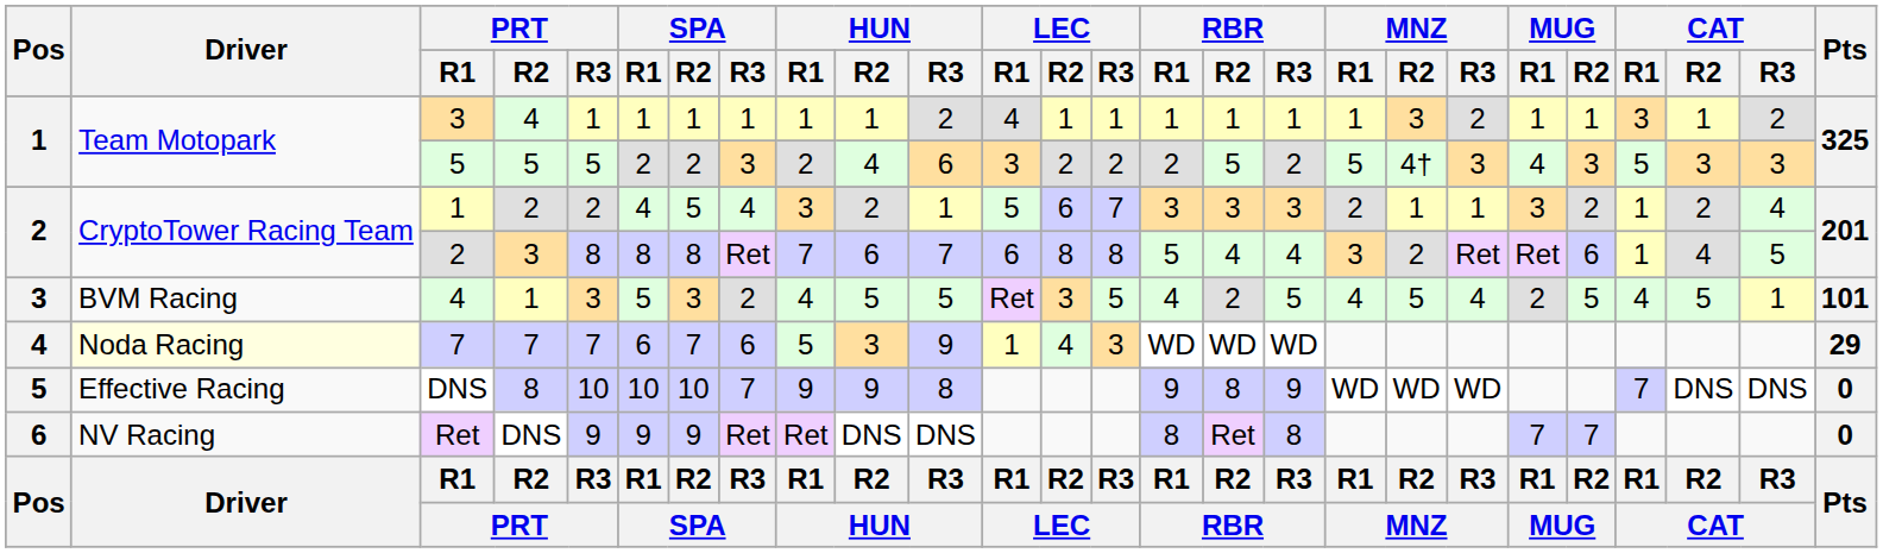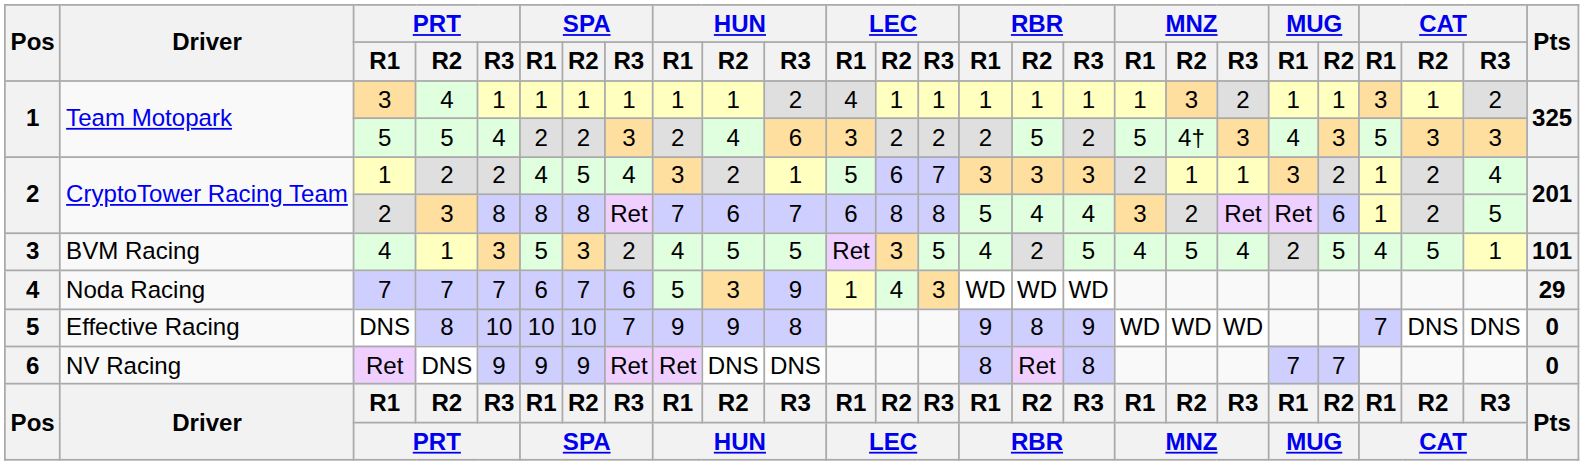 <table class="wikitable" style="font-size: 85%; text-align:center">
 <tr>
 <th rowspan="2" valign="middle">Pos</th>
 <th rowspan="2" valign="middle">Driver</th>
 <th colspan="3"><a href='#'>PRT</a><br></th>
 <th colspan="3"><a href='#'>SPA</a><br></th>
 <th colspan="3"><a href='#'>HUN</a><br></th>
 <th colspan="3"><a href='#'>LEC</a><br></th>
 <th colspan="3"><a href='#'>RBR</a><br></th>
 <th colspan="3"><a href='#'>MNZ</a><br></th>
 <th colspan="2"><a href='#'>MUG</a><br></th>
 <th colspan="3"><a href='#'>CAT</a><br></th>
 <th rowspan="2" valign="middle">Pts</th>
 </tr>
 <tr>
 <th>R1</th>
 <th>R2</th>
 <th>R3</th>
 <th>R1</th>
 <th>R2</th>
 <th>R3</th>
 <th>R1</th>
 <th>R2</th>
 <th>R3</th>
 <th>R1</th>
 <th>R2</th>
 <th>R3</th>
 <th>R1</th>
 <th>R2</th>
 <th>R3</th>
 <th>R1</th>
 <th>R2</th>
 <th>R3</th>
 <th>R1</th>
 <th>R2</th>
 <th>R1</th>
 <th>R2</th>
 <th>R3</th>
 </tr>
 <tr>
 <th rowspan="2">1</th>
 <td rowspan="2" align="left"> <a href='#'>Team Motopark</a></td>
 <td style="background:#ffdf9f;">3</td>
 <td style="background:#dfffdf;">4</td>
 <td style="background:#ffffbf;">1</td>
 <td style="background:#ffffbf;">1</td>
 <td style="background:#ffffbf;">1</td>
 <td style="background:#ffffbf;">1</td>
 <td style="background:#ffffbf;">1</td>
 <td style="background:#ffffbf;">1</td>
 <td style="background:#DFDFDF;">2</td>
 <td style="background:#DFDFDF;">4</td>
 <td style="background:#ffffbf;">1</td>
 <td style="background:#ffffbf;">1</td>
 <td style="background:#ffffbf;">1</td>
 <td style="background:#ffffbf;">1</td>
 <td style="background:#ffffbf;">1</td>
 <td style="background:#ffffbf;">1</td>
 <td style="background:#ffdf9f;">3</td>
 <td style="background:#DFDFDF;">2</td>
 <td style="background:#ffffbf;">1</td>
 <td style="background:#ffffbf;">1</td>
 <td style="background:#ffdf9f;">3</td>
 <td style="background:#ffffbf;">1</td>
 <td style="background:#DFDFDF;">2</td>
 <th rowspan="2">325</th>
 </tr>
 <tr>
 <td style="background:#dfffdf;">5</td>
 <td style="background:#dfffdf;">5</td>
-<td style="background:#dfffdf;">5</td>
+<td style="background:#dfffdf;">4</td>
 <td style="background:#DFDFDF;">2</td>
 <td style="background:#DFDFDF;">2</td>
 <td style="background:#ffdf9f;">3</td>
 <td style="background:#DFDFDF;">2</td>
 <td style="background:#dfffdf;">4</td>
 <td style="background:#ffdf9f;">6</td>
 <td style="background:#ffdf9f;">3</td>
 <td style="background:#DFDFDF;">2</td>
 <td style="background:#DFDFDF;">2</td>
 <td style="background:#DFDFDF;">2</td>
 <td style="background:#dfffdf;">5</td>
 <td style="background:#DFDFDF;">2</td>
 <td style="background:#dfffdf;">5</td>
 <td style="background:#dfffdf;">4<span>†</span></td>
 <td style="background:#ffdf9f;">3</td>
 <td style="background:#dfffdf;">4</td>
 <td style="background:#ffdf9f;">3</td>
 <td style="background:#dfffdf;">5</td>
 <td style="background:#ffdf9f;">3</td>
 <td style="background:#ffdf9f;">3</td>
 </tr>
 <tr>
 <th rowspan="2">2</th>
 <td rowspan="2" align="left"> <a href='#'>CryptoTower Racing Team</a></td>
 <td style="background:#ffffbf;">1</td>
 <td style="background:#DFDFDF;">2</td>
 <td style="background:#DFDFDF;">2</td>
 <td style="background:#dfffdf;">4</td>
 <td style="background:#dfffdf;">5</td>
 <td style="background:#dfffdf;">4</td>
 <td style="background:#ffdf9f;">3</td>
 <td style="background:#DFDFDF;">2</td>
 <td style="background:#ffffbf;">1</td>
 <td style="background:#dfffdf;">5</td>
 <td style="background:#CFCFFF;">6</td>
 <td style="background:#CFCFFF;">7</td>
 <td style="background:#ffdf9f;">3</td>
 <td style="background:#ffdf9f;">3</td>
 <td style="background:#ffdf9f;">3</td>
 <td style="background:#DFDFDF;">2</td>
 <td style="background:#ffffbf;">1</td>
 <td style="background:#ffffbf;">1</td>
 <td style="background:#ffdf9f;">3</td>
 <td style="background:#DFDFDF;">2</td>
 <td style="background:#ffffbf;">1</td>
 <td style="background:#DFDFDF;">2</td>
 <td style="background:#dfffdf;">4</td>
 <th rowspan="2">201</th>
 </tr>
 <tr>
 <td style="background:#DFDFDF;">2</td>
 <td style="background:#ffdf9f;">3</td>
 <td style="background:#CFCFFF;">8</td>
 <td style="background:#CFCFFF;">8</td>
 <td style="background:#CFCFFF;">8</td>
 <td style="background:#efcfff;">Ret</td>
 <td style="background:#CFCFFF;">7</td>
 <td style="background:#CFCFFF;">6</td>
 <td style="background:#CFCFFF;">7</td>
 <td style="background:#CFCFFF;">6</td>
 <td style="background:#CFCFFF;">8</td>
 <td style="background:#CFCFFF;">8</td>
 <td style="background:#dfffdf;">5</td>
 <td style="background:#dfffdf;">4</td>
 <td style="background:#dfffdf;">4</td>
 <td style="background:#ffdf9f;">3</td>
 <td style="background:#DFDFDF;">2</td>
 <td style="background:#efcfff;">Ret</td>
 <td style="background:#efcfff;">Ret</td>
 <td style="background:#CFCFFF;">6</td>
 <td style="background:#ffffbf;">1</td>
-<td style="background:#DFDFDF;">4</td>
+<td style="background:#DFDFDF;">2</td>
 <td style="background:#dfffdf;">5</td>
 </tr>
 <tr>
 <th>3</th>
 <td align="left"> BVM Racing</td>
 <td style="background:#dfffdf;">4</td>
 <td style="background:#ffffbf;">1</td>
 <td style="background:#ffdf9f;">3</td>
 <td style="background:#dfffdf;">5</td>
 <td style="background:#ffdf9f;">3</td>
 <td style="background:#DFDFDF;">2</td>
 <td style="background:#dfffdf;">4</td>
 <td style="background:#dfffdf;">5</td>
 <td style="background:#dfffdf;">5</td>
 <td style="background:#efcfff;">Ret</td>
 <td style="background:#ffdf9f;">3</td>
 <td style="background:#dfffdf;">5</td>
 <td style="background:#dfffdf;">4</td>
 <td style="background:#dfdfdf;">2</td>
 <td style="background:#dfffdf;">5</td>
 <td style="background:#dfffdf;">4</td>
 <td style="background:#dfffdf;">5</td>
 <td style="background:#dfffdf;">4</td>
 <td style="background:#dfdfdf;">2</td>
 <td style="background:#dfffdf;">5</td>
 <td style="background:#dfffdf;">4</td>
 <td style="background:#dfffdf;">5</td>
 <td style="background:#ffffbf;">1</td>
 <th>101</th>
 </tr>
 <tr>
 <th>4</th>
-<td align="left" style="background: lightyellow;"> Noda Racing</td>
+<td align="left"> Noda Racing</td>
 <td style="background:#CFCFFF;">7</td>
 <td style="background:#CFCFFF;">7</td>
 <td style="background:#CFCFFF;">7</td>
 <td style="background:#CFCFFF;">6</td>
 <td style="background:#CFCFFF;">7</td>
 <td style="background:#CFCFFF;">6</td>
 <td style="background:#dfffdf;">5</td>
 <td style="background:#ffdf9f;">3</td>
 <td style="background:#CFCFFF;">9</td>
 <td style="background:#ffffbf;">1</td>
 <td style="background:#dfffdf;">4</td>
 <td style="background:#ffdf9f;">3</td>
 <td style="background:#ffffff;">WD</td>
 <td style="background:#ffffff;">WD</td>
 <td style="background:#ffffff;">WD</td>
 <td></td>
 <td></td>
 <td></td>
 <td></td>
 <td></td>
 <td></td>
 <td></td>
 <td></td>
 <th>29</th>
 </tr>
 <tr>
 <th>5</th>
 <td align="left"> Effective Racing</td>
 <td style="background:#ffffff;">DNS</td>
 <td style="background:#CFCFFF;">8</td>
 <td style="background:#CFCFFF;">10</td>
 <td style="background:#CFCFFF;">10</td>
 <td style="background:#CFCFFF;">10</td>
 <td style="background:#CFCFFF;">7</td>
 <td style="background:#CFCFFF;">9</td>
 <td style="background:#CFCFFF;">9</td>
 <td style="background:#CFCFFF;">8</td>
 <td></td>
 <td></td>
 <td></td>
 <td style="background:#CFCFFF;">9</td>
 <td style="background:#CFCFFF;">8</td>
 <td style="background:#CFCFFF;">9</td>
 <td style="background:#ffffff;">WD</td>
 <td style="background:#ffffff;">WD</td>
 <td style="background:#ffffff;">WD</td>
 <td></td>
 <td></td>
 <td style="background:#CFCFFF;">7</td>
 <td style="background:#ffffff;">DNS</td>
 <td style="background:#ffffff;">DNS</td>
 <th>0</th>
 </tr>
 <tr>
 <th>6</th>
 <td align="left"> NV Racing</td>
 <td style="background:#efcfff;">Ret</td>
 <td style="background:#ffffff;">DNS</td>
 <td style="background:#CFCFFF;">9</td>
 <td style="background:#CFCFFF;">9</td>
 <td style="background:#CFCFFF;">9</td>
 <td style="background:#efcfff;">Ret</td>
 <td style="background:#efcfff;">Ret</td>
 <td style="background:#ffffff;">DNS</td>
 <td style="background:#ffffff;">DNS</td>
 <td></td>
 <td></td>
 <td></td>
 <td style="background:#CFCFFF;">8</td>
 <td style="background:#efcfff;">Ret</td>
 <td style="background:#CFCFFF;">8</td>
 <td></td>
 <td></td>
 <td></td>
 <td style="background:#CFCFFF;">7</td>
 <td style="background:#CFCFFF;">7</td>
 <td></td>
 <td></td>
 <td></td>
 <th>0</th>
 </tr>
 <tr>
 <th rowspan="2">Pos</th>
 <th rowspan="2">Driver</th>
 <th>R1</th>
 <th>R2</th>
 <th>R3</th>
 <th>R1</th>
 <th>R2</th>
 <th>R3</th>
 <th>R1</th>
 <th>R2</th>
 <th>R3</th>
 <th>R1</th>
 <th>R2</th>
 <th>R3</th>
 <th>R1</th>
 <th>R2</th>
 <th>R3</th>
 <th>R1</th>
 <th>R2</th>
 <th>R3</th>
 <th>R1</th>
 <th>R2</th>
 <th>R1</th>
 <th>R2</th>
 <th>R3</th>
 <th rowspan="2">Pts</th>
 </tr>
 <tr>
 <th colspan="3"><a href='#'>PRT</a><br></th>
 <th colspan="3"><a href='#'>SPA</a><br></th>
 <th colspan="3"><a href='#'>HUN</a><br></th>
 <th colspan="3"><a href='#'>LEC</a><br></th>
 <th colspan="3"><a href='#'>RBR</a><br></th>
 <th colspan="3"><a href='#'>MNZ</a><br></th>
 <th colspan="2"><a href='#'>MUG</a><br></th>
 <th colspan="3"><a href='#'>CAT</a><br></th>
 </tr>
 </table>
